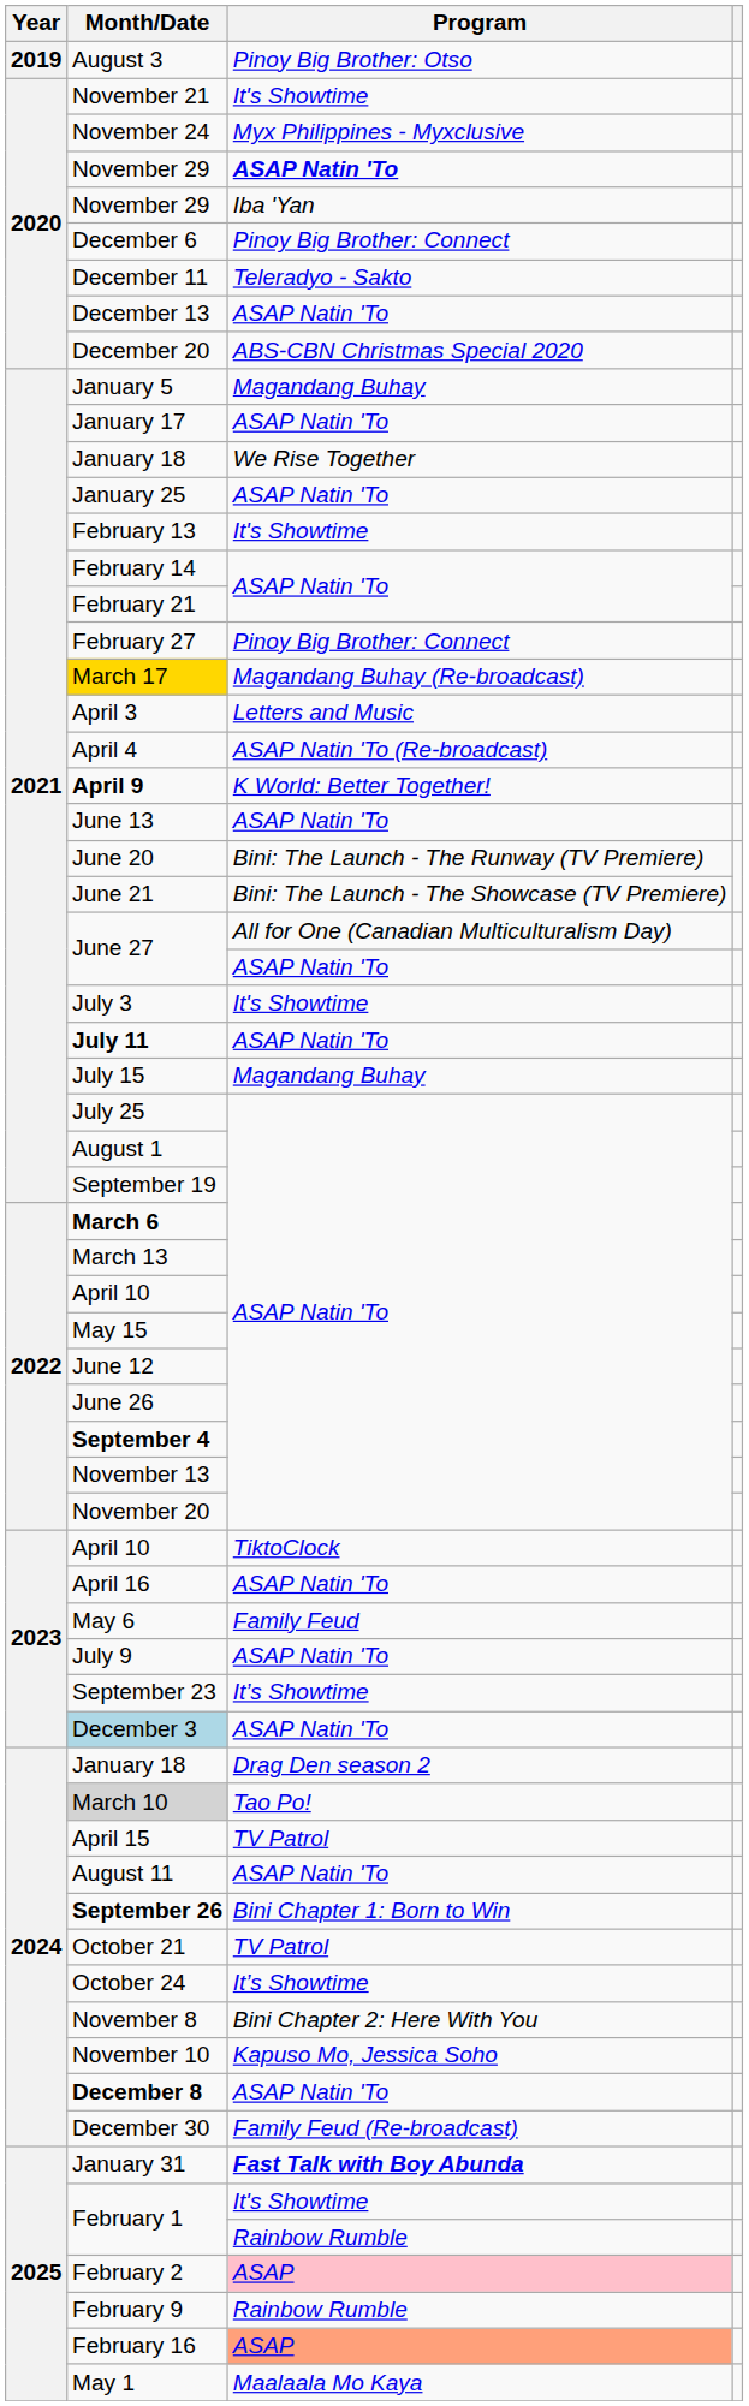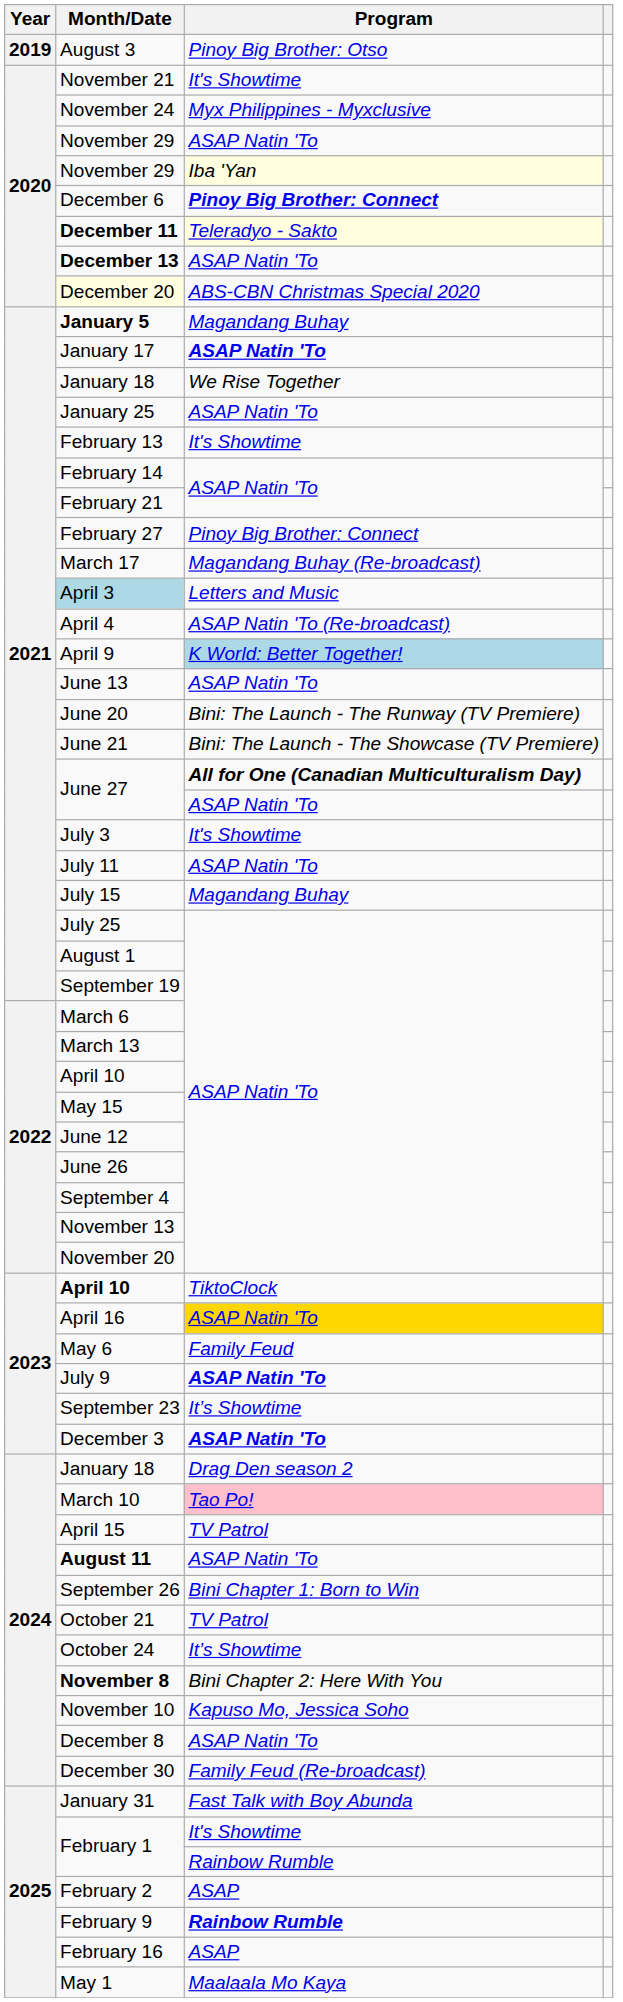 <table class="wikitable">
 <tr>
 <th>Year</th>
 <th>Month/Date</th>
 <th>Program</th>
 <th></th>
 </tr>
 <tr>
 <th rowspan="1">2019</th>
 <td>August 3</td>
 <td><em><a href='#'>Pinoy Big Brother: Otso</a></em></td>
 <td></td>
 </tr>
 <tr>
 <th rowspan="8">2020</th>
 <td>November 21</td>
 <td><em><a href='#'>It's Showtime</a></em></td>
 <td></td>
 </tr>
 <tr>
 <td>November 24</td>
 <td><em><a href='#'>Myx Philippines - Myxclusive</a></em></td>
 <td></td>
 </tr>
 <tr>
 <td>November 29</td>
-<td><strong><a href='#'><em>ASAP Natin 'To</em></a></strong></td>
+<td><a href='#'><em>ASAP Natin 'To</em></a></td>
 <td></td>
 </tr>
 <tr>
 <td>November 29</td>
-<td><em>Iba 'Yan</em></td>
+<td style="background: lightyellow;"><em>Iba 'Yan</em></td>
 <td></td>
 </tr>
 <tr>
 <td>December 6</td>
-<td><em><a href='#'>Pinoy Big Brother: Connect</a></em></td>
+<td><strong><em><a href='#'>Pinoy Big Brother: Connect</a></em></strong></td>
 <td></td>
 </tr>
 <tr>
-<td>December 11</td>
-<td><em><a href='#'>Teleradyo - Sakto</a></em></td>
+<td><strong>December 11</strong></td>
+<td style="background: lightyellow;"><em><a href='#'>Teleradyo - Sakto</a></em></td>
 <td></td>
 </tr>
 <tr>
-<td>December 13</td>
+<td><strong>December 13</strong></td>
 <td><em><a href='#'>ASAP Natin 'To</a></em></td>
 <td></td>
 </tr>
 <tr>
-<td>December 20</td>
+<td style="background: lightyellow;">December 20</td>
 <td><a href='#'><em>ABS-CBN Christmas Special 2020</em></a></td>
 <td></td>
 </tr>
 <tr>
 <th rowspan="23">2021</th>
-<td>January 5</td>
+<td><strong>January 5</strong></td>
 <td><em><a href='#'>Magandang Buhay</a></em></td>
 <td></td>
 </tr>
 <tr>
 <td>January 17</td>
-<td><em><a href='#'>ASAP Natin 'To</a></em></td>
+<td><strong><em><a href='#'>ASAP Natin 'To</a></em></strong></td>
 <td></td>
 </tr>
 <tr>
 <td>January 18</td>
 <td><em>We Rise Together</em></td>
 <td></td>
 </tr>
 <tr>
 <td>January 25</td>
 <td><em><a href='#'>ASAP Natin 'To</a></em></td>
 <td></td>
 </tr>
 <tr>
 <td>February 13</td>
 <td><em><a href='#'>It's Showtime</a></em></td>
 <td></td>
 </tr>
 <tr>
 <td>February 14</td>
 <td rowspan="2"><em><a href='#'>ASAP Natin 'To</a></em></td>
 <td></td>
 </tr>
 <tr>
 <td>February 21</td>
 <td></td>
 </tr>
 <tr>
 <td>February 27</td>
 <td><em><a href='#'>Pinoy Big Brother: Connect</a></em></td>
 <td></td>
 </tr>
 <tr>
-<td style="background: gold;">March 17</td>
+<td>March 17</td>
 <td><em><a href='#'>Magandang Buhay (Re-broadcast)</a></em></td>
 <td></td>
 </tr>
 <tr>
-<td>April 3</td>
+<td style="background: lightblue;">April 3</td>
 <td><em><a href='#'>Letters and Music</a></em></td>
 <td></td>
 </tr>
 <tr>
 <td>April 4</td>
 <td><em><a href='#'>ASAP Natin 'To (Re-broadcast)</a></em></td>
 <td></td>
 </tr>
 <tr>
-<td><strong>April 9</strong></td>
-<td><a href='#'><em>K World: Better Together!</em></a></td>
+<td>April 9</td>
+<td style="background: lightblue;"><a href='#'><em>K World: Better Together!</em></a></td>
 <td></td>
 </tr>
 <tr>
 <td>June 13</td>
 <td><em><a href='#'>ASAP Natin 'To</a></em></td>
 <td></td>
 </tr>
 <tr>
 <td>June 20</td>
 <td><em>Bini: The Launch - The Runway (TV Premiere)</em></td>
 <td rowspan="2"></td>
 </tr>
 <tr>
 <td>June 21</td>
 <td><em>Bini: The Launch - The Showcase (TV Premiere)</em></td>
 </tr>
 <tr>
 <td rowspan="2">June 27</td>
-<td><em>All for One (Canadian Multiculturalism Day)</em></td>
+<td><strong><em>All for One (Canadian Multiculturalism Day)</em></strong></td>
 <td></td>
 </tr>
 <tr>
 <td><em><a href='#'>ASAP Natin 'To</a></em></td>
 <td></td>
 </tr>
 <tr>
 <td>July 3</td>
 <td><em><a href='#'>It's Showtime</a></em></td>
 <td></td>
 </tr>
 <tr>
-<td><strong>July 11</strong></td>
+<td>July 11</td>
 <td><em><a href='#'>ASAP Natin 'To</a></em></td>
 <td></td>
 </tr>
 <tr>
 <td>July 15</td>
 <td><em><a href='#'>Magandang Buhay</a></em></td>
 <td></td>
 </tr>
 <tr>
 <td>July 25</td>
 <td rowspan="12"><em><a href='#'>ASAP Natin 'To</a></em></td>
 <td></td>
 </tr>
 <tr>
 <td>August 1</td>
 <td></td>
 </tr>
 <tr>
 <td>September 19</td>
 <td></td>
 </tr>
 <tr>
 <th rowspan="9">2022</th>
-<td><strong>March 6</strong></td>
+<td>March 6</td>
 <td></td>
 </tr>
 <tr>
 <td>March 13</td>
 <td></td>
 </tr>
 <tr>
 <td>April 10</td>
 <td></td>
 </tr>
 <tr>
 <td>May 15</td>
 <td></td>
 </tr>
 <tr>
 <td>June 12</td>
 <td></td>
 </tr>
 <tr>
 <td>June 26</td>
 <td></td>
 </tr>
 <tr>
-<td><strong>September 4</strong></td>
+<td>September 4</td>
 <td></td>
 </tr>
 <tr>
 <td>November 13</td>
 <td></td>
 </tr>
 <tr>
 <td>November 20</td>
 <td></td>
 </tr>
 <tr>
 <th rowspan="6">2023</th>
-<td>April 10</td>
+<td><strong>April 10</strong></td>
 <td><em><a href='#'>TiktoClock</a></em></td>
 <td></td>
 </tr>
 <tr>
 <td>April 16</td>
-<td><em><a href='#'>ASAP Natin 'To</a></em></td>
+<td style="background: gold;"><em><a href='#'>ASAP Natin 'To</a></em></td>
 <td></td>
 </tr>
 <tr>
 <td>May 6</td>
 <td><em><a href='#'>Family Feud</a></em></td>
 <td></td>
 </tr>
 <tr>
 <td>July 9</td>
-<td><em><a href='#'>ASAP Natin 'To</a></em></td>
+<td><strong><em><a href='#'>ASAP Natin 'To</a></em></strong></td>
 <td></td>
 </tr>
 <tr>
 <td>September 23</td>
 <td><em><a href='#'>It’s Showtime</a></em></td>
 <td></td>
 </tr>
 <tr>
-<td style="background: lightblue;">December 3</td>
-<td><em><a href='#'>ASAP Natin 'To</a></em></td>
+<td>December 3</td>
+<td><strong><em><a href='#'>ASAP Natin 'To</a></em></strong></td>
 <td></td>
 </tr>
 <tr>
 <th rowspan="11">2024</th>
 <td>January 18</td>
 <td><em><a href='#'>Drag Den season 2</a></em></td>
 <td></td>
 </tr>
 <tr>
-<td style="background: lightgrey;">March 10</td>
-<td><em><a href='#'>Tao Po!</a></em></td>
+<td>March 10</td>
+<td style="background: pink;"><em><a href='#'>Tao Po!</a></em></td>
 <td></td>
 </tr>
 <tr>
 <td>April 15</td>
 <td><em><a href='#'>TV Patrol</a></em></td>
 <td></td>
 </tr>
 <tr>
-<td>August 11</td>
+<td><strong>August 11</strong></td>
 <td><em><a href='#'>ASAP Natin 'To</a></em></td>
 <td></td>
 </tr>
 <tr>
-<td><strong>September 26</strong></td>
+<td>September 26</td>
 <td><em><a href='#'>Bini Chapter 1: Born to Win</a></em></td>
 <td></td>
 </tr>
 <tr>
 <td>October 21</td>
 <td><em><a href='#'>TV Patrol</a></em></td>
 <td></td>
 </tr>
 <tr>
 <td>October 24</td>
 <td><em><a href='#'>It’s Showtime</a></em></td>
 <td></td>
 </tr>
 <tr>
-<td>November 8</td>
+<td><strong>November 8</strong></td>
 <td><em>Bini Chapter 2: Here With You</em></td>
 <td></td>
 </tr>
 <tr>
 <td>November 10</td>
 <td><em><a href='#'>Kapuso Mo, Jessica Soho</a></em></td>
 <td></td>
 </tr>
 <tr>
-<td><strong>December 8</strong></td>
+<td>December 8</td>
 <td><em><a href='#'>ASAP Natin 'To</a></em></td>
 <td></td>
 </tr>
 <tr>
 <td>December 30</td>
 <td><em><a href='#'>Family Feud (Re-broadcast)</a></em></td>
 <td></td>
 </tr>
 <tr>
 <th rowspan="7">2025</th>
 <td>January 31</td>
-<td><strong><em><a href='#'>Fast Talk with Boy Abunda</a></em></strong></td>
+<td><em><a href='#'>Fast Talk with Boy Abunda</a></em></td>
 <td></td>
 </tr>
 <tr>
 <td rowspan="2">February 1</td>
 <td><em><a href='#'>It's Showtime</a></em></td>
 <td></td>
 </tr>
 <tr>
 <td><em><a href='#'>Rainbow Rumble</a></em></td>
 <td></td>
 </tr>
 <tr>
 <td>February 2</td>
-<td style="background: pink;"><em><a href='#'>ASAP</a></em></td>
+<td><em><a href='#'>ASAP</a></em></td>
 <td></td>
 </tr>
 <tr>
 <td>February 9</td>
-<td><em><a href='#'>Rainbow Rumble</a></em></td>
+<td><strong><em><a href='#'>Rainbow Rumble</a></em></strong></td>
 <td></td>
 </tr>
 <tr>
 <td>February 16</td>
-<td style="background: lightsalmon;"><em><a href='#'>ASAP</a></em></td>
+<td><em><a href='#'>ASAP</a></em></td>
 <td></td>
 </tr>
 <tr>
 <td>May 1</td>
 <td><em><a href='#'>Maalaala Mo Kaya</a></em></td>
 <td></td>
 </tr>
 </table>
